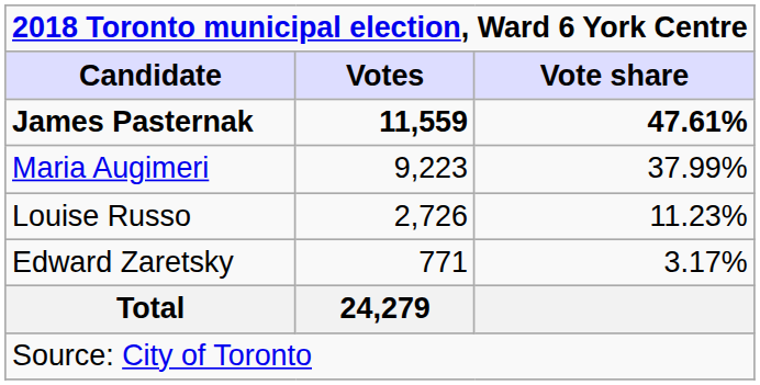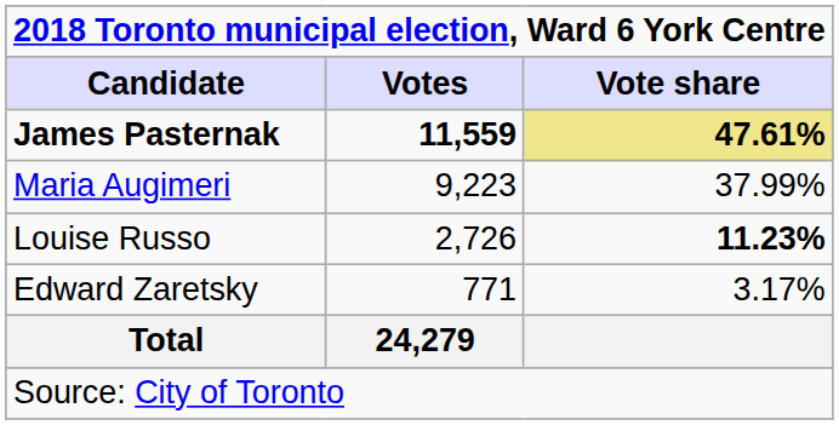 <table class="wikitable plainrowheaders">
 <tr>
 <td colspan="3"><strong><a href='#'>2018 Toronto municipal election</a>, Ward 6 York Centre</strong></td>
 </tr>
 <tr>
 <th scope="col" style="background:#ddf; width:150px;">Candidate</th>
 <th scope="col" style="background:#ddf;">Votes</th>
 <th scope="col" style="background:#ddf;">Vote share</th>
 </tr>
 <tr>
 <td scope="row"><strong>James Pasternak</strong></td>
 <td align="right"><strong>11,559</strong></td>
-<td align="right"><strong>47.61%</strong></td>
+<td align="right" style="background: khaki;"><strong>47.61%</strong></td>
 </tr>
 <tr>
 <td scope="row"><a href='#'>Maria Augimeri</a></td>
 <td align="right">9,223</td>
 <td align="right">37.99%</td>
 </tr>
 <tr>
 <td scope="row">Louise Russo</td>
 <td align="right">2,726</td>
-<td align="right">11.23%</td>
+<td align="right"><strong>11.23%</strong></td>
 </tr>
 <tr>
 <td scope="row">Edward Zaretsky</td>
 <td align="right">771</td>
 <td align="right">3.17%</td>
 </tr>
 <tr>
 <th scope="row"><strong>Total</strong></th>
 <th align="right">24,279</th>
 <th align="right"></th>
 </tr>
 <tr>
 <td colspan="3">Source: <a href='#'>City of Toronto</a></td>
 </tr>
 </table>
